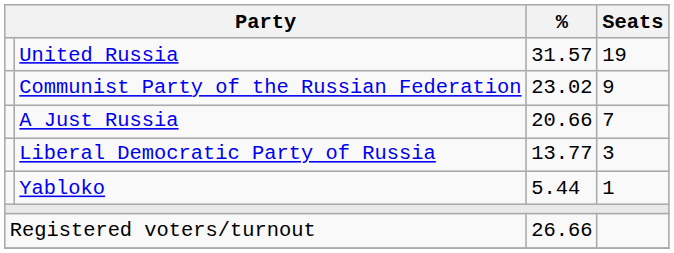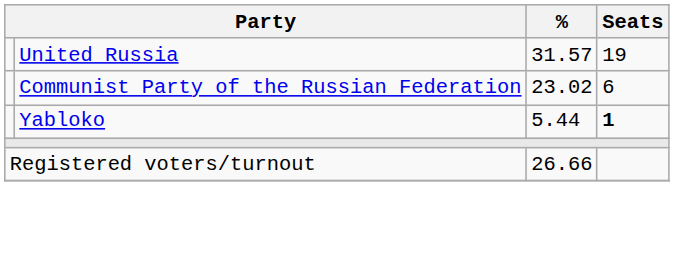 <table class="wikitable">
 <tr>
 <th colspan=2>Party</th>
 <th>%</th>
 <th>Seats</th>
 </tr>
 <tr>
 <td style="background:"></td>
 <td><a href='#'>United Russia</a></td>
 <td>31.57</td>
 <td>19</td>
 </tr>
 <tr>
 <td style="background:"></td>
 <td><a href='#'>Communist Party of the Russian Federation</a></td>
 <td>23.02</td>
-<td>9</td>
-</tr>
-<tr>
-<td style="background:"></td>
-<td><a href='#'>A Just Russia</a></td>
-<td>20.66</td>
-<td>7</td>
-</tr>
-<tr>
-<td style="background:"></td>
-<td><a href='#'>Liberal Democratic Party of Russia</a></td>
-<td>13.77</td>
-<td>3</td>
+<td>6</td>
 </tr>
 <tr>
 <td style="background:"></td>
 <td><a href='#'>Yabloko</a></td>
 <td>5.44</td>
-<td>1</td>
+<td><strong>1</strong></td>
 </tr>
 <tr>
 <td colspan=4 style="background:#E9E9E9;"></td>
 </tr>
 <tr>
 <td align=left colspan=2>Registered voters/turnout</td>
 <td>26.66</td>
 <td></td>
 </tr>
 <tr>
 </tr>
 </table>
